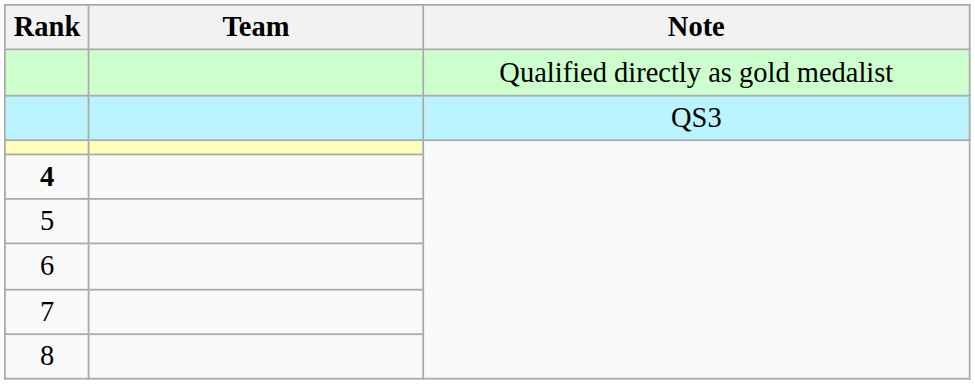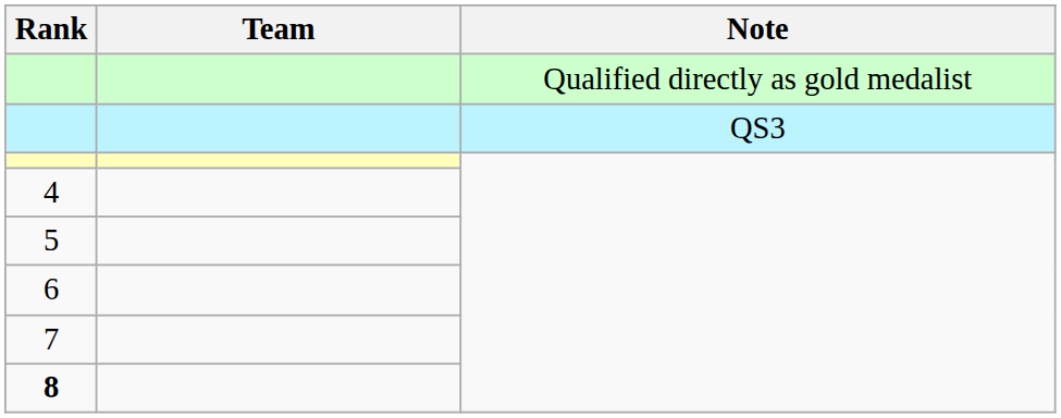 <table class="wikitable">
 <tr>
 <th width=40>Rank</th>
 <th width=180>Team</th>
 <th width=300>Note</th>
 </tr>
 <tr bgcolor=#ccffcc>
 <td align=center></td>
 <td></td>
 <td style="text-align: center;">Qualified directly as gold medalist</td>
 </tr>
 <tr bgcolor=#BBF3FF>
 <td align=center></td>
 <td></td>
 <td style="text-align: center;">QS3</td>
 </tr>
 <tr bgcolor=#FFFFBB>
 <td align=center></td>
 <td></td>
 </tr>
 <tr>
-<td align=center><strong>4</strong></td>
+<td align=center>4</td>
 <td></td>
 </tr>
 <tr>
 <td align=center>5</td>
 <td></td>
 </tr>
 <tr>
 <td align=center>6</td>
 <td></td>
 </tr>
 <tr>
 <td align=center>7</td>
 <td></td>
 </tr>
 <tr>
-<td align=center>8</td>
+<td align=center><strong>8</strong></td>
 <td></td>
 </tr>
 </table>
